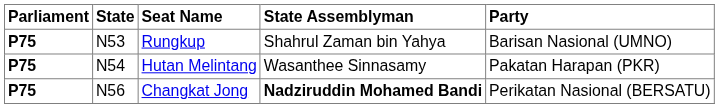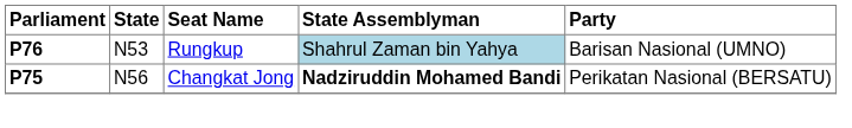 <table class="toccolours sortable" border="1" cellpadding="3" style="border-collapse:collapse; text-align: left;">
 <tr>
 <th align="center">Parliament</th>
 <th>State</th>
 <th>Seat Name</th>
 <th>State Assemblyman</th>
 <th>Party</th>
 </tr>
 <tr>
-<th align="left">P75</th>
+<th align="left">P76</th>
 <td>N53</td>
 <td><a href='#'>Rungkup</a></td>
-<td>Shahrul Zaman bin Yahya</td>
+<td style="background: lightblue;">Shahrul Zaman bin Yahya</td>
 <td>Barisan Nasional (UMNO)</td>
-</tr>
-<tr>
-<th align="left">P75</th>
-<td>N54</td>
-<td><a href='#'>Hutan Melintang</a></td>
-<td>Wasanthee Sinnasamy</td>
-<td>Pakatan Harapan (PKR)</td>
 </tr>
 <tr>
 <th align="left">P75</th>
 <td>N56</td>
 <td><a href='#'>Changkat Jong</a></td>
 <td><strong>Nadziruddin Mohamed Bandi</strong></td>
 <td>Perikatan Nasional (BERSATU)</td>
 </tr>
 <tr>
 </tr>
 </table>
